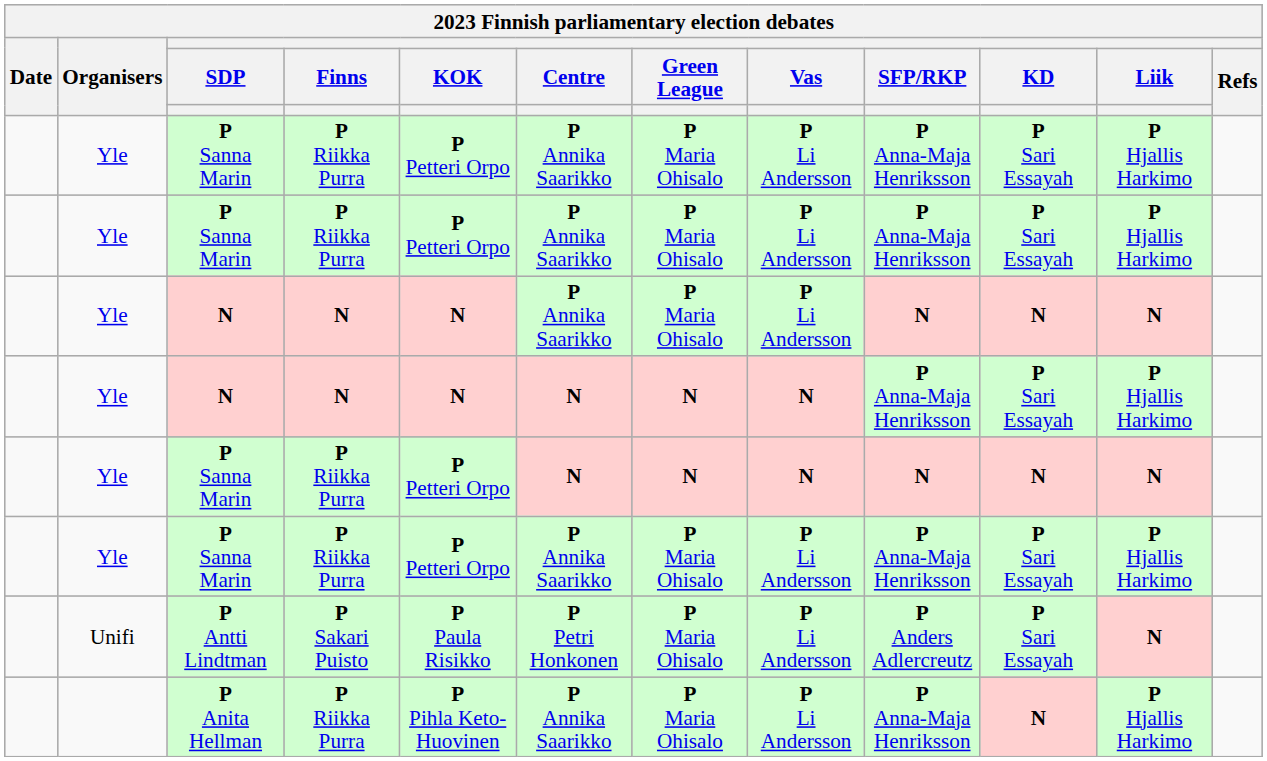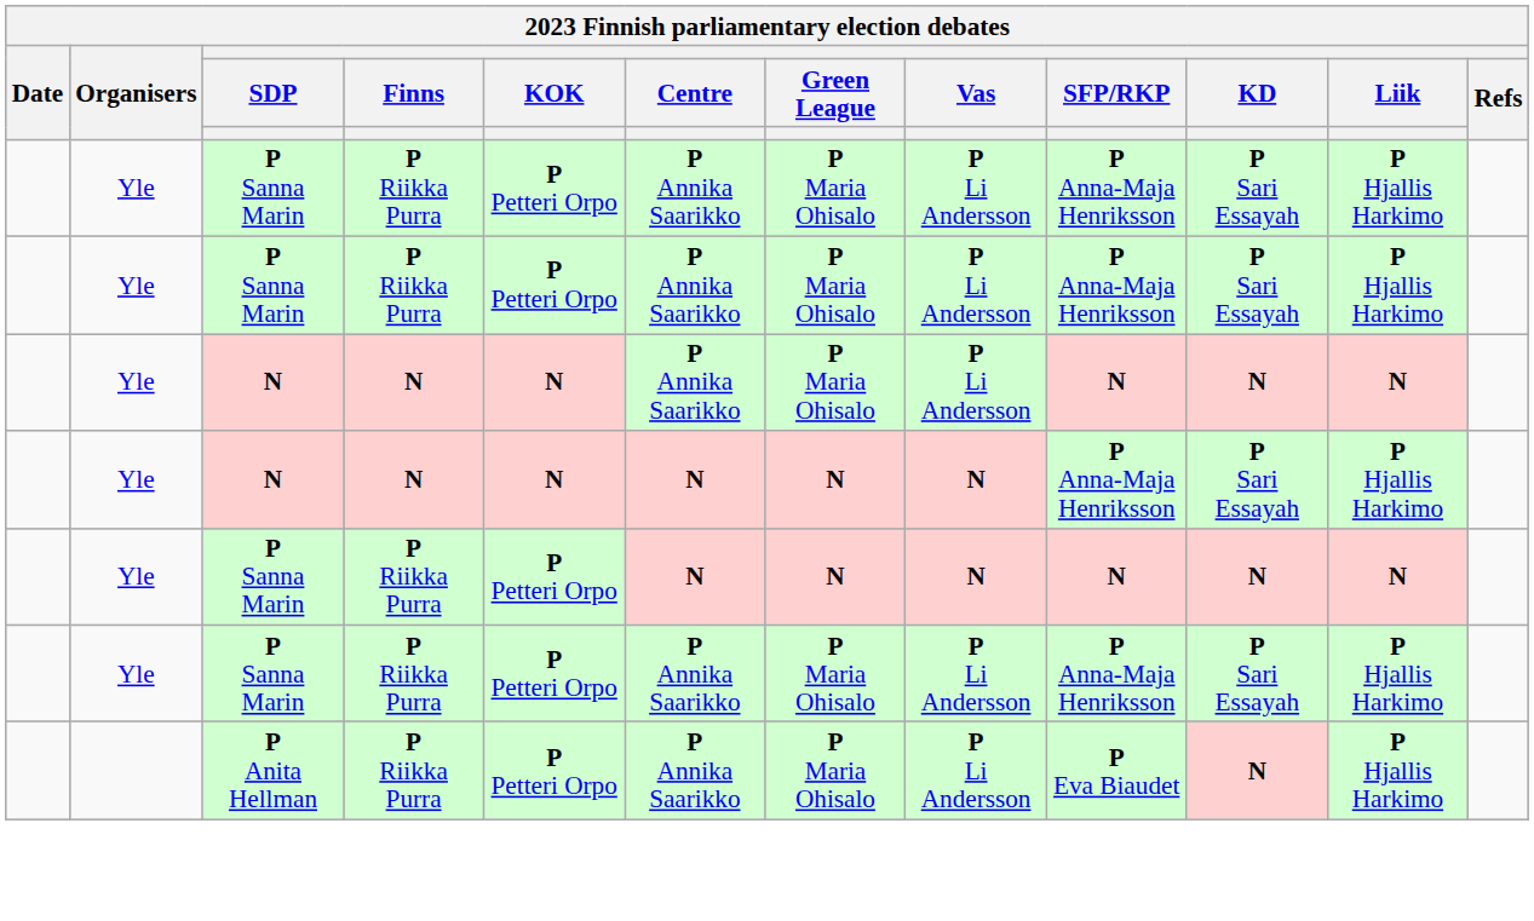 <table class="wikitable" style="font-size:85%; line-height:15px; text-align:center;">
 <tr>
 <th colspan="12">2023 Finnish parliamentary election debates</th>
 </tr>
 <tr>
 <th rowspan="3">Date</th>
 <th rowspan="3">Organisers</th>
 <th colspan="10">    </th>
 </tr>
 <tr>
 <th scope="col" style="width:5em"><a href='#'>SDP</a></th>
 <th scope="col" style="width:5em"><a href='#'>Finns</a></th>
 <th scope="col" style="width:5em"><a href='#'>KOK</a></th>
 <th scope="col" style="width:5em"><a href='#'>Centre</a></th>
 <th scope="col" style="width:5em"><a href='#'>Green League</a></th>
 <th scope="col" style="width:5em"><a href='#'>Vas</a></th>
 <th scope="col" style="width:5em"><a href='#'>SFP/RKP</a></th>
 <th scope="col" style="width:5em"><a href='#'>KD</a></th>
 <th scope="col" style="width:5em"><a href='#'>Liik</a></th>
 <th rowspan="2">Refs</th>
 </tr>
 <tr>
 <th style="background:"></th>
 <th style="background:"></th>
 <th style="background:"></th>
 <th style="background:"></th>
 <th style="background:"></th>
 <th style="background:"></th>
 <th style="background:"></th>
 <th style="background:"></th>
 <th style="background:"></th>
 </tr>
 <tr>
 <td></td>
 <td><a href='#'>Yle</a></td>
 <td style="background:#D0FFD0"><strong>P</strong><br><a href='#'>Sanna Marin</a></td>
 <td style="background:#D0FFD0"><strong>P</strong><br><a href='#'>Riikka Purra</a></td>
 <td style="background:#D0FFD0"><strong>P</strong><br><a href='#'>Petteri Orpo</a></td>
 <td style="background:#D0FFD0"><strong>P</strong><br><a href='#'>Annika Saarikko</a></td>
 <td style="background:#D0FFD0"><strong>P</strong><br><a href='#'>Maria Ohisalo</a></td>
 <td style="background:#D0FFD0"><strong>P</strong><br><a href='#'>Li Andersson</a></td>
 <td style="background:#D0FFD0"><strong>P</strong><br><a href='#'>Anna-Maja Henriksson</a></td>
 <td style="background:#D0FFD0"><strong>P</strong><br><a href='#'>Sari Essayah</a></td>
 <td style="background:#D0FFD0"><strong>P</strong><br><a href='#'>Hjallis Harkimo</a></td>
 <td></td>
 </tr>
 <tr>
 <td></td>
 <td><a href='#'>Yle</a></td>
 <td style="background:#D0FFD0"><strong>P</strong><br><a href='#'>Sanna Marin</a></td>
 <td style="background:#D0FFD0"><strong>P</strong><br><a href='#'>Riikka Purra</a></td>
 <td style="background:#D0FFD0"><strong>P</strong><br><a href='#'>Petteri Orpo</a></td>
 <td style="background:#D0FFD0"><strong>P</strong><br><a href='#'>Annika Saarikko</a></td>
 <td style="background:#D0FFD0"><strong>P</strong><br><a href='#'>Maria Ohisalo</a></td>
 <td style="background:#D0FFD0"><strong>P</strong><br><a href='#'>Li Andersson</a></td>
 <td style="background:#D0FFD0"><strong>P</strong><br><a href='#'>Anna-Maja Henriksson</a></td>
 <td style="background:#D0FFD0"><strong>P</strong><br><a href='#'>Sari Essayah</a></td>
 <td style="background:#D0FFD0"><strong>P</strong><br><a href='#'>Hjallis Harkimo</a></td>
 <td></td>
 </tr>
 <tr>
 <td></td>
 <td><a href='#'>Yle</a></td>
 <td style="background:#FFD0D0"><strong>N</strong></td>
 <td style="background:#FFD0D0"><strong>N</strong></td>
 <td style="background:#FFD0D0"><strong>N</strong></td>
 <td style="background:#D0FFD0"><strong>P</strong><br><a href='#'>Annika Saarikko</a></td>
 <td style="background:#D0FFD0"><strong>P</strong><br><a href='#'>Maria Ohisalo</a></td>
 <td style="background:#D0FFD0"><strong>P</strong><br><a href='#'>Li Andersson</a></td>
 <td style="background:#FFD0D0"><strong>N</strong></td>
 <td style="background:#FFD0D0"><strong>N</strong></td>
 <td style="background:#FFD0D0"><strong>N</strong></td>
 <td></td>
 </tr>
 <tr>
 <td></td>
 <td><a href='#'>Yle</a></td>
 <td style="background:#FFD0D0"><strong>N</strong></td>
 <td style="background:#FFD0D0"><strong>N</strong></td>
 <td style="background:#FFD0D0"><strong>N</strong></td>
 <td style="background:#FFD0D0"><strong>N</strong></td>
 <td style="background:#FFD0D0"><strong>N</strong></td>
 <td style="background:#FFD0D0"><strong>N</strong></td>
 <td style="background:#D0FFD0"><strong>P</strong><br><a href='#'>Anna-Maja Henriksson</a></td>
 <td style="background:#D0FFD0"><strong>P</strong><br><a href='#'>Sari Essayah</a></td>
 <td style="background:#D0FFD0"><strong>P</strong><br><a href='#'>Hjallis Harkimo</a></td>
 <td></td>
 </tr>
 <tr>
 <td></td>
 <td><a href='#'>Yle</a></td>
 <td style="background:#D0FFD0"><strong>P</strong><br><a href='#'>Sanna Marin</a></td>
 <td style="background:#D0FFD0"><strong>P</strong><br><a href='#'>Riikka Purra</a></td>
 <td style="background:#D0FFD0"><strong>P</strong><br><a href='#'>Petteri Orpo</a></td>
 <td style="background:#FFD0D0"><strong>N</strong></td>
 <td style="background:#FFD0D0"><strong>N</strong></td>
 <td style="background:#FFD0D0"><strong>N</strong></td>
 <td style="background:#FFD0D0"><strong>N</strong></td>
 <td style="background:#FFD0D0"><strong>N</strong></td>
 <td style="background:#FFD0D0"><strong>N</strong></td>
 <td></td>
 </tr>
 <tr>
 <td></td>
 <td><a href='#'>Yle</a></td>
 <td style="background:#D0FFD0"><strong>P</strong><br><a href='#'>Sanna Marin</a></td>
 <td style="background:#D0FFD0"><strong>P</strong><br><a href='#'>Riikka Purra</a></td>
 <td style="background:#D0FFD0"><strong>P</strong><br><a href='#'>Petteri Orpo</a></td>
 <td style="background:#D0FFD0"><strong>P</strong><br><a href='#'>Annika Saarikko</a></td>
 <td style="background:#D0FFD0"><strong>P</strong><br><a href='#'>Maria Ohisalo</a></td>
 <td style="background:#D0FFD0"><strong>P</strong><br><a href='#'>Li Andersson</a></td>
 <td style="background:#D0FFD0"><strong>P</strong><br><a href='#'>Anna-Maja Henriksson</a></td>
 <td style="background:#D0FFD0"><strong>P</strong><br><a href='#'>Sari Essayah</a></td>
 <td style="background:#D0FFD0"><strong>P</strong><br><a href='#'>Hjallis Harkimo</a></td>
 <td></td>
 </tr>
 <tr>
 <td></td>
-<td>Unifi</td>
-<td style="background:#D0FFD0"><strong>P</strong><br><a href='#'>Antti Lindtman</a></td>
-<td style="background:#D0FFD0"><strong>P</strong><br><a href='#'>Sakari Puisto</a></td>
-<td style="background:#D0FFD0"><strong>P</strong><br><a href='#'>Paula Risikko</a></td>
-<td style="background:#D0FFD0"><strong>P</strong><br><a href='#'>Petri Honkonen</a></td>
-<td style="background:#D0FFD0"><strong>P</strong><br><a href='#'>Maria Ohisalo</a></td>
-<td style="background:#D0FFD0"><strong>P</strong><br><a href='#'>Li Andersson</a></td>
-<td style="background:#D0FFD0"><strong>P</strong><br><a href='#'>Anders Adlercreutz</a></td>
-<td style="background:#D0FFD0"><strong>P</strong><br><a href='#'>Sari Essayah</a></td>
-<td style="background:#FFD0D0"><strong>N</strong></td>
-<td></td>
-</tr>
-<tr>
-<td></td>
 <td></td>
 <td style="background:#D0FFD0"><strong>P</strong><br><a href='#'>Anita Hellman</a></td>
 <td style="background:#D0FFD0"><strong>P</strong><br><a href='#'>Riikka Purra</a></td>
-<td style="background:#D0FFD0"><strong>P</strong><br><a href='#'>Pihla Keto-Huovinen</a></td>
+<td style="background:#D0FFD0"><strong>P</strong><br><a href='#'>Petteri Orpo</a></td>
 <td style="background:#D0FFD0"><strong>P</strong><br><a href='#'>Annika Saarikko</a></td>
 <td style="background:#D0FFD0"><strong>P</strong><br><a href='#'>Maria Ohisalo</a></td>
 <td style="background:#D0FFD0"><strong>P</strong><br><a href='#'>Li Andersson</a></td>
-<td style="background:#D0FFD0"><strong>P</strong><br><a href='#'>Anna-Maja Henriksson</a></td>
+<td style="background:#D0FFD0"><strong>P</strong><br><a href='#'>Eva Biaudet</a></td>
 <td style="background:#FFD0D0"><strong>N</strong></td>
 <td style="background:#D0FFD0"><strong>P</strong><br><a href='#'>Hjallis Harkimo</a></td>
 <td></td>
 </tr>
 </table>
